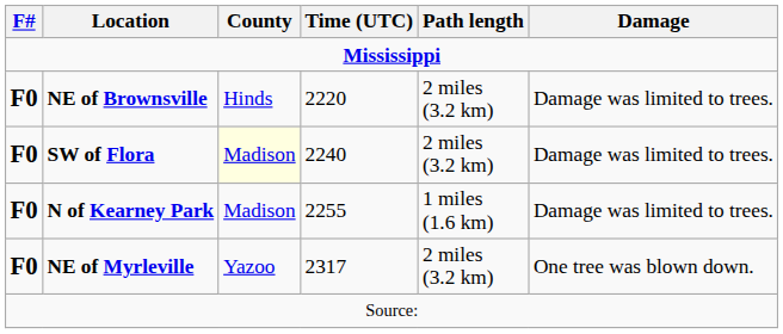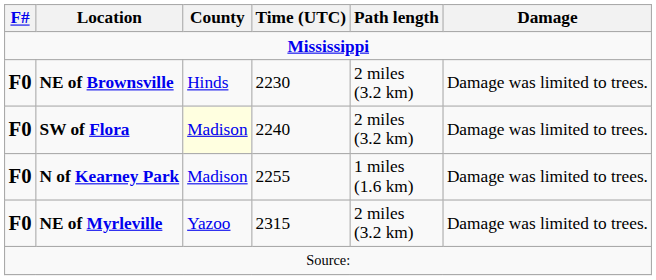 <table class="wikitable">
 <tr>
 <th><strong><a href='#'>F#</a></strong></th>
 <th><strong>Location</strong></th>
 <th><strong>County</strong></th>
 <th><strong>Time (UTC)</strong></th>
 <th><strong>Path length</strong></th>
 <th><strong>Damage</strong></th>
 </tr>
 <tr>
 <td colspan="7" align=center><strong><a href='#'>Mississippi</a></strong></td>
 </tr>
 <tr>
 <td><big><strong>F0</strong></big></td>
 <td><strong>NE of <a href='#'>Brownsville</a></strong></td>
 <td><a href='#'>Hinds</a></td>
-<td>2220</td>
+<td>2230</td>
 <td>2 miles <br>(3.2 km)</td>
 <td>Damage was limited to trees.</td>
 </tr>
 <tr>
 <td><big><strong>F0</strong></big></td>
 <td><strong>SW of <a href='#'>Flora</a></strong></td>
 <td style="background: lightyellow;"><a href='#'>Madison</a></td>
 <td>2240</td>
 <td>2 miles <br>(3.2 km)</td>
 <td>Damage was limited to trees.</td>
 </tr>
 <tr>
 <td><big><strong>F0</strong></big></td>
 <td><strong>N of <a href='#'>Kearney Park</a></strong></td>
 <td><a href='#'>Madison</a></td>
 <td>2255</td>
 <td>1 miles <br>(1.6 km)</td>
 <td>Damage was limited to trees.</td>
 </tr>
 <tr>
 <td><big><strong>F0</strong></big></td>
 <td><strong>NE of <a href='#'>Myrleville</a></strong></td>
 <td><a href='#'>Yazoo</a></td>
-<td>2317</td>
+<td>2315</td>
 <td>2 miles <br>(3.2 km)</td>
-<td>One tree was blown down.</td>
+<td>Damage was limited to trees.</td>
 </tr>
 <tr>
 <td colspan="7" align=center><small>Source: </small></td>
 </tr>
 <tr>
 </tr>
 </table>
